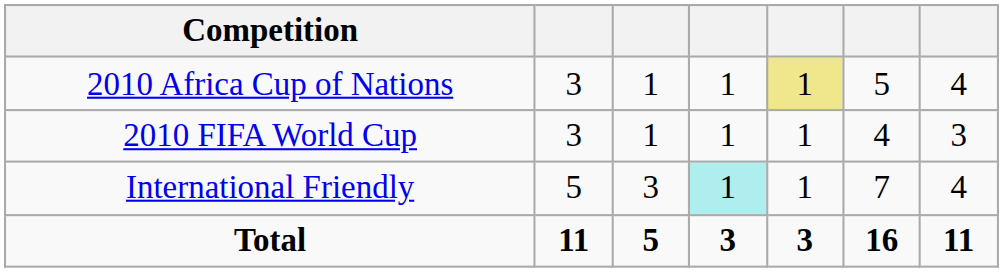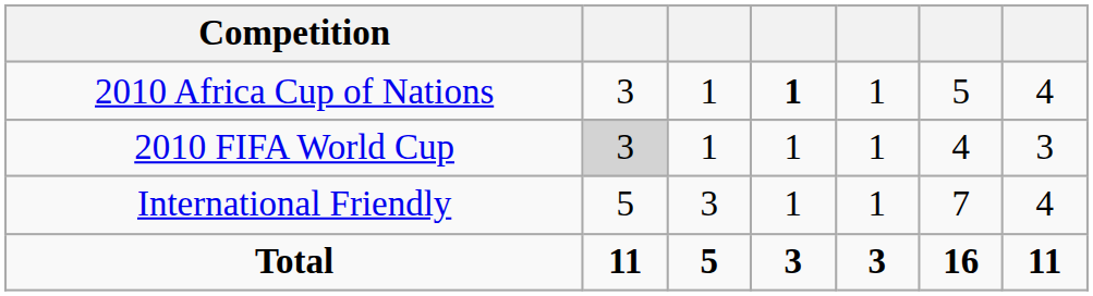 <table class="wikitable" style="text-align: center;">
 <tr>
 <th width=250>Competition</th>
 <th width=30></th>
 <th width=30></th>
 <th width=30></th>
 <th width=30></th>
 <th width=30></th>
 <th width=30></th>
 </tr>
 <tr>
 <td><a href='#'>2010 Africa Cup of Nations</a></td>
 <td>3</td>
 <td>1</td>
+<td><strong>1</strong></td>
 <td>1</td>
-<td style="background: khaki;">1</td>
 <td>5</td>
 <td>4</td>
 </tr>
 <tr>
 <td><a href='#'>2010 FIFA World Cup</a></td>
-<td>3</td>
+<td style="background: lightgrey;">3</td>
 <td>1</td>
 <td>1</td>
 <td>1</td>
 <td>4</td>
 <td>3</td>
 </tr>
 <tr>
 <td><a href='#'>International Friendly</a></td>
 <td>5</td>
 <td>3</td>
-<td style="background: paleturquoise;">1</td>
+<td>1</td>
 <td>1</td>
 <td>7</td>
 <td>4</td>
 </tr>
 <tr>
 <td><strong>Total</strong></td>
 <td><strong>11</strong></td>
 <td><strong>5</strong></td>
 <td><strong>3</strong></td>
 <td><strong>3</strong></td>
 <td><strong>16</strong></td>
 <td><strong>11</strong></td>
 </tr>
 </table>
